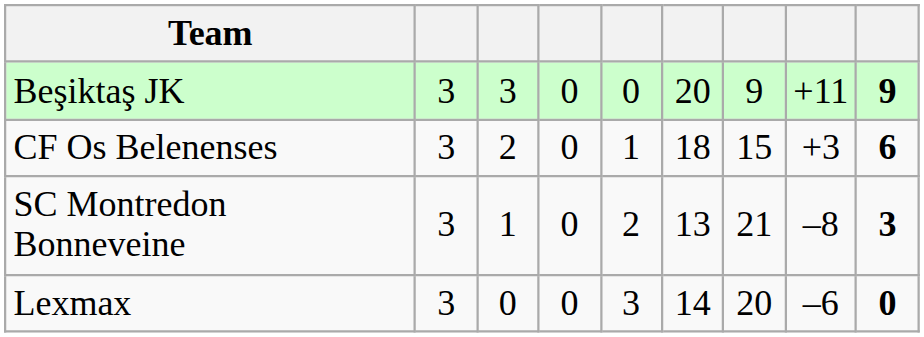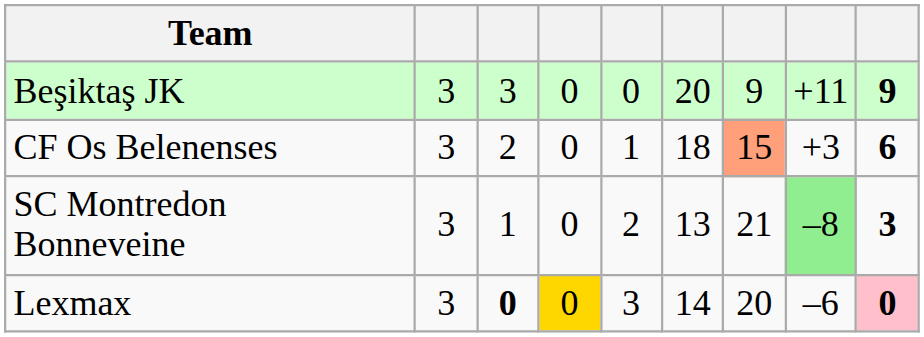 <table class="wikitable" style="text-align: center;">
 <tr>
 <th width="175">Team</th>
 <th width="20"></th>
 <th width="20"></th>
 <th width="20"></th>
 <th width="20"></th>
 <th width="20"></th>
 <th width="20"></th>
 <th width="20"></th>
 <th width="20"></th>
 </tr>
 <tr style="background-color: #ccffcc;">
 <td align=left> Beşiktaş JK</td>
 <td>3</td>
 <td>3</td>
 <td>0</td>
 <td>0</td>
 <td>20</td>
 <td>9</td>
 <td>+11</td>
 <td><strong>9</strong></td>
 </tr>
 <tr>
 <td align=left> CF Os Belenenses</td>
 <td>3</td>
 <td>2</td>
 <td>0</td>
 <td>1</td>
 <td>18</td>
-<td>15</td>
+<td style="background: lightsalmon;">15</td>
 <td>+3</td>
 <td><strong>6</strong></td>
 </tr>
 <tr>
 <td align=left> SC Montredon Bonneveine</td>
 <td>3</td>
 <td>1</td>
 <td>0</td>
 <td>2</td>
 <td>13</td>
 <td>21</td>
-<td>–8</td>
+<td style="background: lightgreen;">–8</td>
 <td><strong>3</strong></td>
 </tr>
 <tr>
 <td align=left> Lexmax</td>
 <td>3</td>
-<td>0</td>
-<td>0</td>
+<td><strong>0</strong></td>
+<td style="background: gold;">0</td>
 <td>3</td>
 <td>14</td>
 <td>20</td>
 <td>–6</td>
-<td><strong>0</strong></td>
+<td style="background: pink;"><strong>0</strong></td>
 </tr>
 </table>
